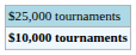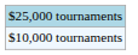 <table class="wikitable" style="font-size:85%">
 <tr bgcolor=lightblue>
 <td>$25,000 tournaments</td>
 </tr>
 <tr bgcolor=f0f8ff>
-<td><strong>$10,000 tournaments</strong></td>
+<td>$10,000 tournaments</td>
 </tr>
 </table>
